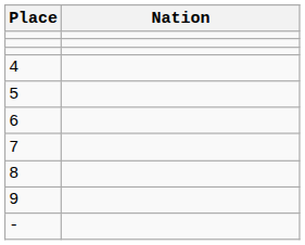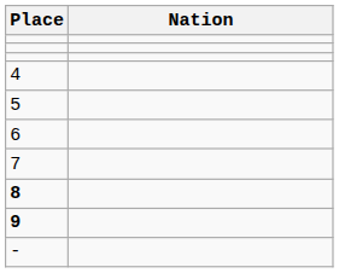 <table class=wikitable style=text-align:left>
 <tr>
 <th width=35>Place</th>
 <th width=185>Nation</th>
 </tr>
 <tr>
 <td></td>
 <td style=text-align:left></td>
 </tr>
 <tr>
 <td></td>
 <td style=text-align:left></td>
 </tr>
 <tr>
 <td></td>
 <td style=text-align:left></td>
 </tr>
 <tr>
 <td style=text-align:left>4</td>
 <td></td>
 </tr>
 <tr>
 <td style=text-align:left>5</td>
 <td></td>
 </tr>
 <tr>
 <td style=text-align:left>6</td>
 <td></td>
 </tr>
 <tr>
 <td style=text-align:left>7</td>
 <td></td>
 </tr>
 <tr>
-<td style=text-align:left>8</td>
+<td style=text-align:left><strong>8</strong></td>
 <td></td>
 </tr>
 <tr>
-<td style=text-align:left>9</td>
+<td style=text-align:left><strong>9</strong></td>
 <td></td>
 </tr>
 <tr>
 <td style=text-align:left>-</td>
 <td></td>
 </tr>
 </table>
